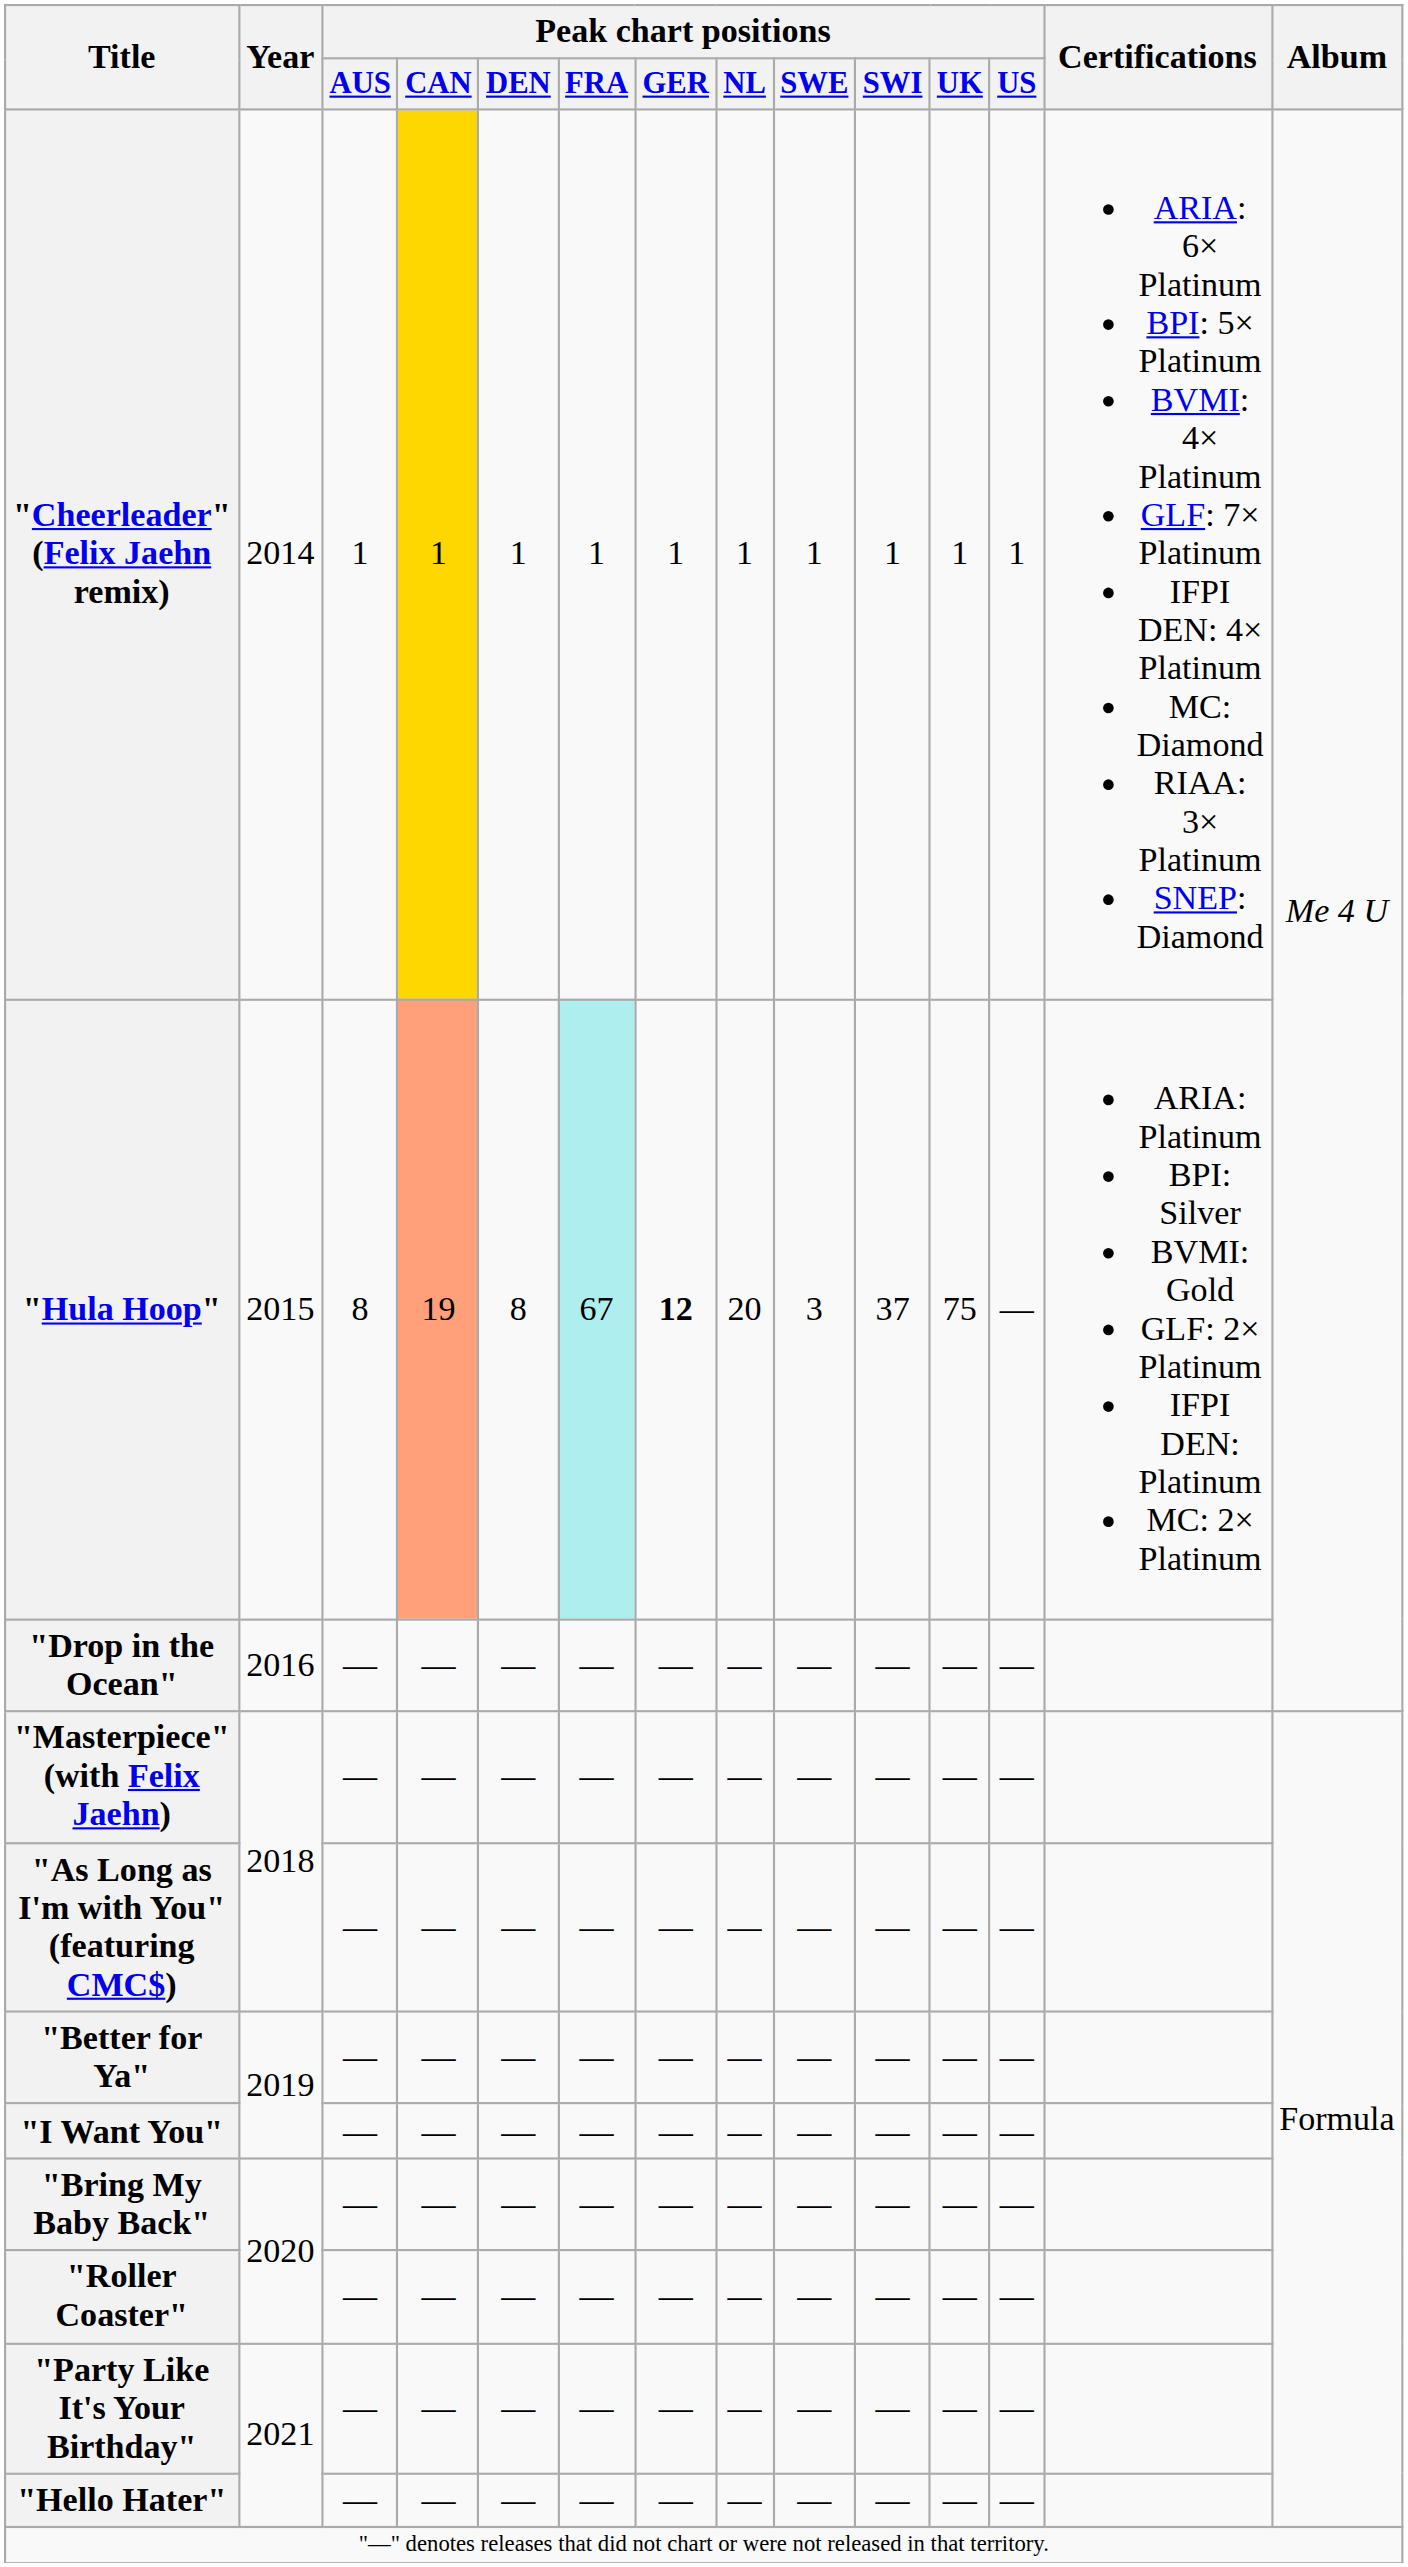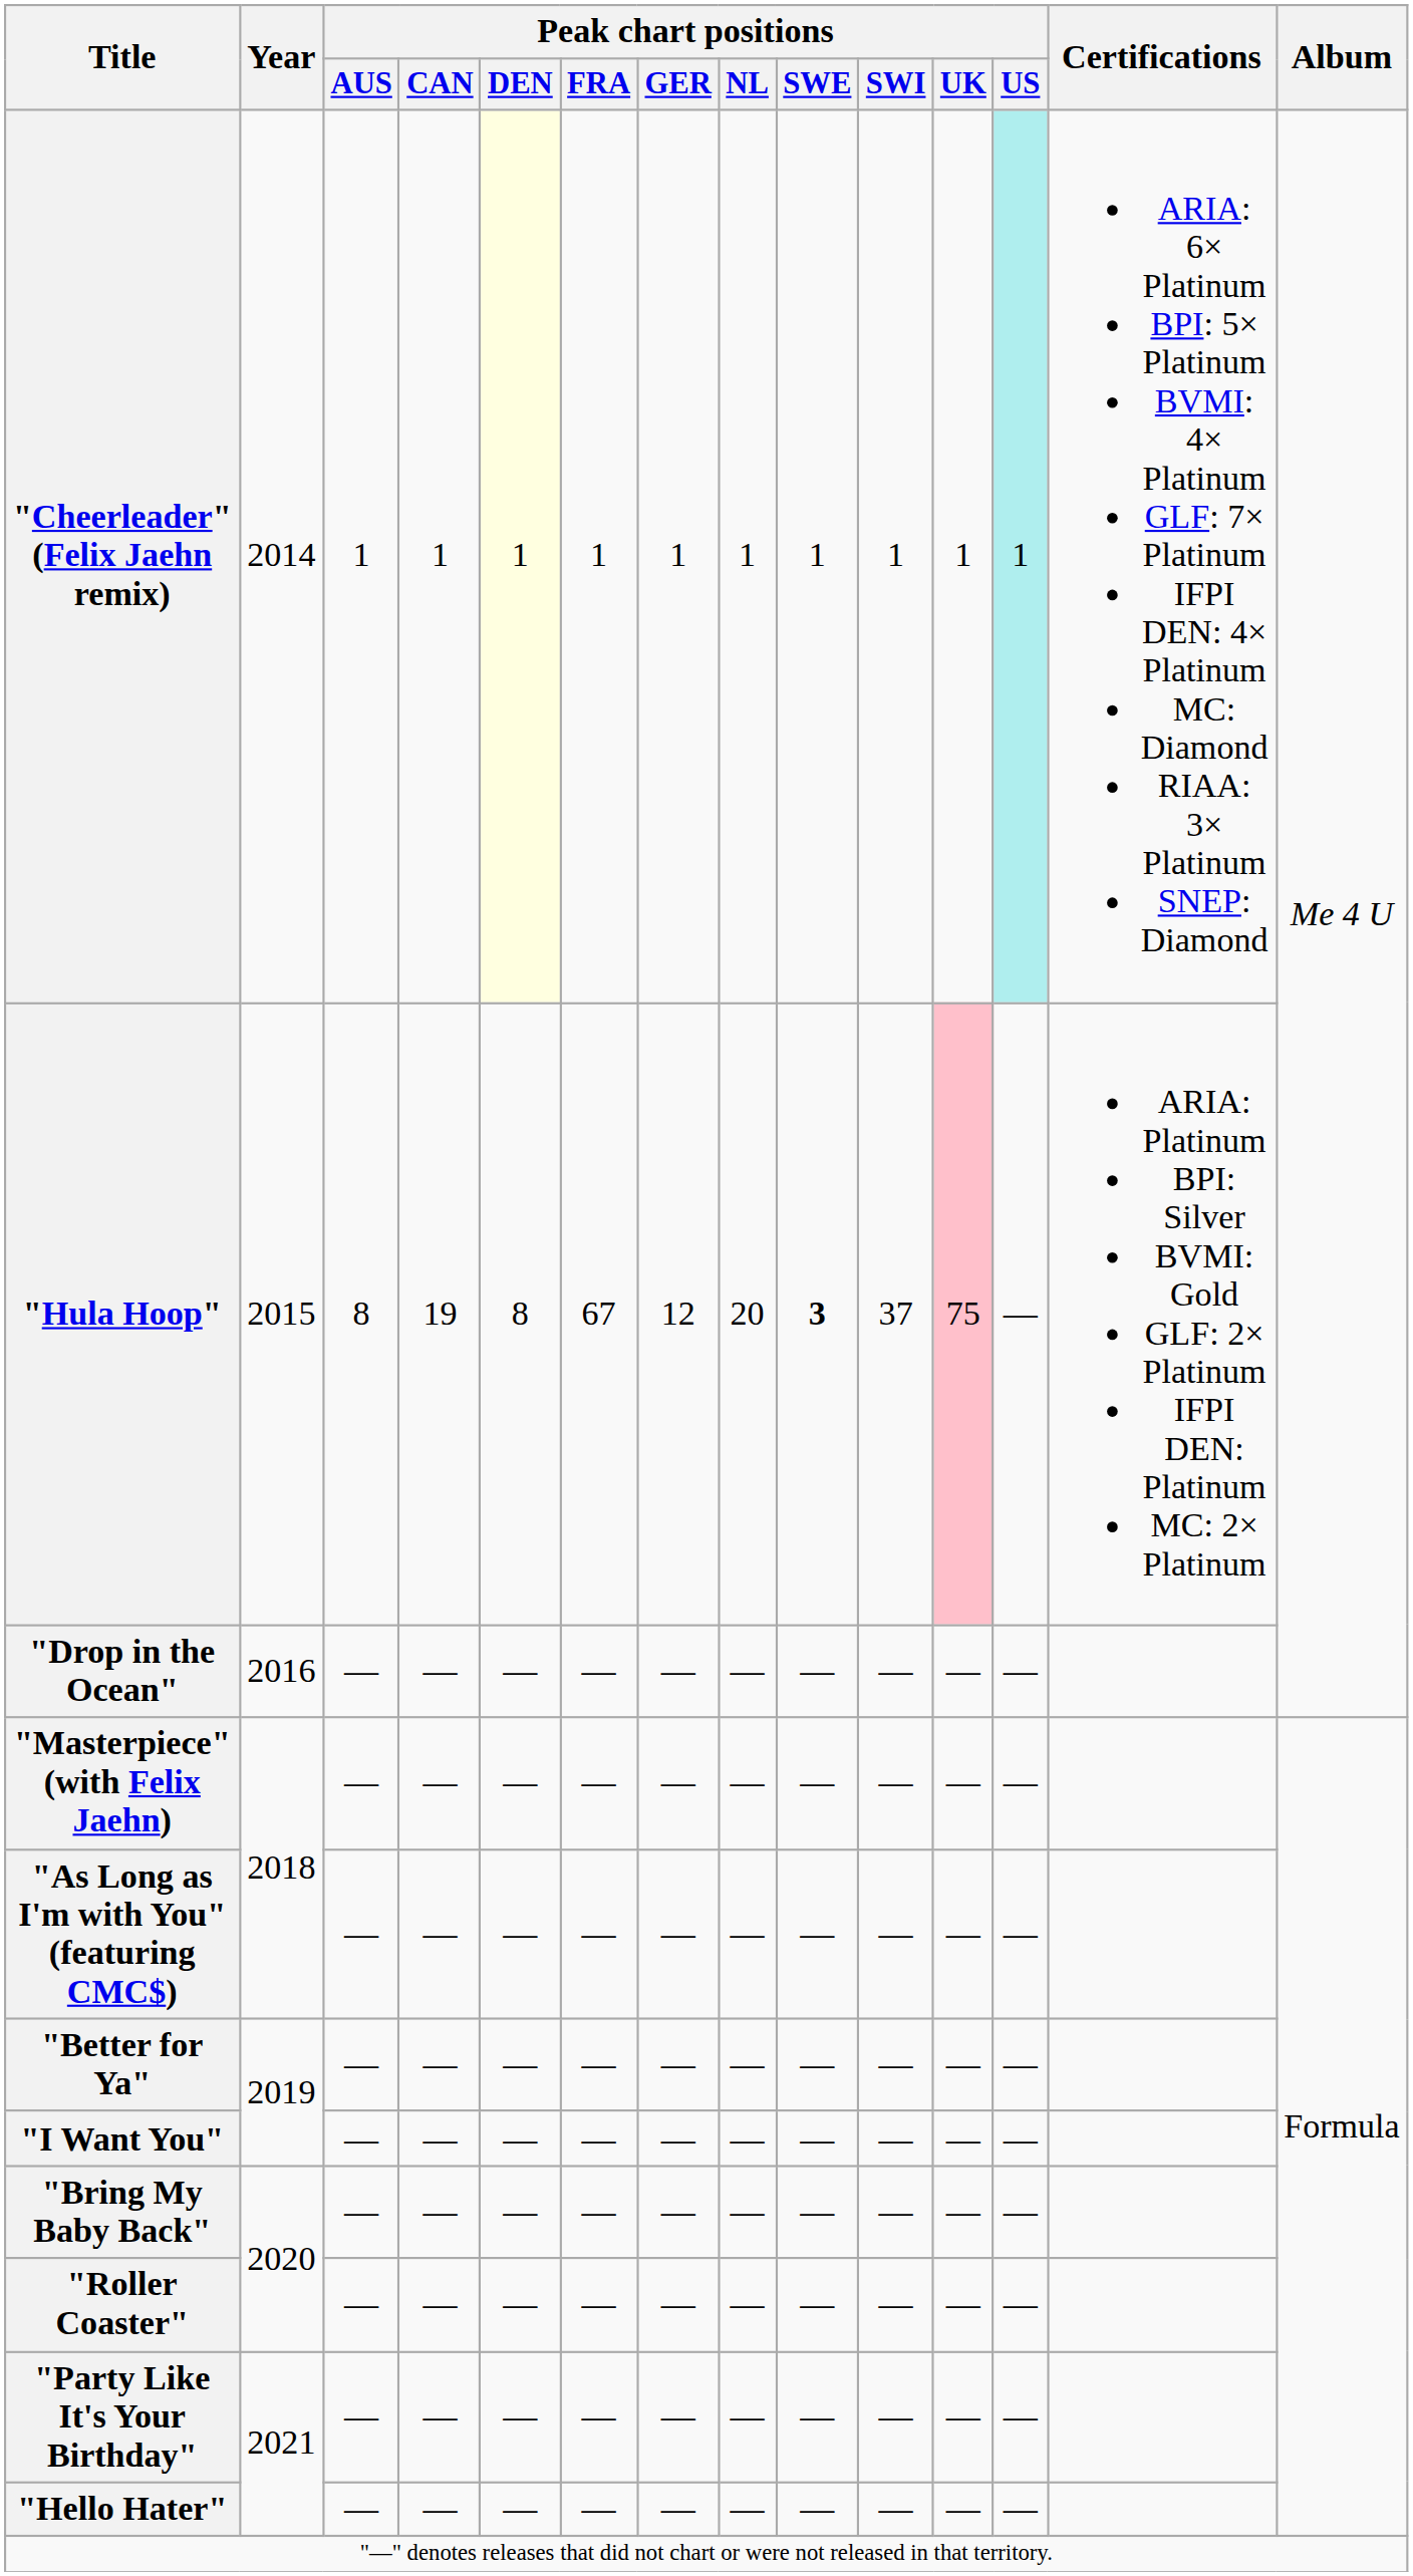 <table class="wikitable plainrowheaders" style="text-align:center;" border="1">
 <tr>
 <th scope="col" rowspan="2" style="width:14em;">Title</th>
 <th scope="col" rowspan="2">Year</th>
 <th scope="col" colspan="10">Peak chart positions</th>
 <th scope="col" rowspan="2">Certifications</th>
 <th scope="col" rowspan="2">Album</th>
 </tr>
 <tr>
 <th scope="col" style="width:3em;font-size:90%;"><a href='#'>AUS</a><br></th>
 <th scope="col" style="width:3em;font-size:90%;"><a href='#'>CAN</a><br></th>
 <th scope="col" style="width:3em;font-size:90%;"><a href='#'>DEN</a><br></th>
 <th scope="col" style="width:3em;font-size:90%;"><a href='#'>FRA</a><br></th>
 <th scope="col" style="width:3em;font-size:90%;"><a href='#'>GER</a><br></th>
 <th scope="col" style="width:3em;font-size:90%;"><a href='#'>NL</a><br></th>
 <th scope="col" style="width:3em;font-size:90%;"><a href='#'>SWE</a><br></th>
 <th scope="col" style="width:3em;font-size:90%;"><a href='#'>SWI</a><br></th>
 <th scope="col" style="width:3em;font-size:90%;"><a href='#'>UK</a><br></th>
 <th scope="col" style="width:3em;font-size:90%;"><a href='#'>US</a><br></th>
 </tr>
 <tr>
 <th scope="row">"<a href='#'>Cheerleader</a>"<br><span>(<a href='#'>Felix Jaehn</a> remix)</span></th>
 <td>2014</td>
 <td>1</td>
-<td style="background: gold;">1</td>
+<td>1</td>
+<td style="background: lightyellow;">1</td>
 <td>1</td>
 <td>1</td>
 <td>1</td>
 <td>1</td>
 <td>1</td>
 <td>1</td>
-<td>1</td>
-<td>1</td>
+<td style="background: paleturquoise;">1</td>
 <td><br><ul><li><a href='#'>ARIA</a>: 6× Platinum</li><li><a href='#'>BPI</a>: 5× Platinum</li><li><a href='#'>BVMI</a>: 4× Platinum</li><li><a href='#'>GLF</a>: 7× Platinum</li><li>IFPI DEN: 4× Platinum</li><li>MC: Diamond</li><li>RIAA: 3× Platinum</li><li><a href='#'>SNEP</a>: Diamond</li></ul></td>
 <td rowspan=3><em>Me 4 U</em></td>
 </tr>
 <tr>
 <th scope="row">"<a href='#'>Hula Hoop</a>"</th>
 <td>2015</td>
 <td>8</td>
-<td style="background: lightsalmon;">19</td>
+<td>19</td>
 <td>8</td>
-<td style="background: paleturquoise;">67</td>
-<td><strong>12</strong></td>
+<td>67</td>
+<td>12</td>
 <td>20</td>
-<td>3</td>
+<td><strong>3</strong></td>
 <td>37</td>
-<td>75</td>
+<td style="background: pink;">75</td>
 <td>—</td>
 <td><br><ul><li>ARIA: Platinum</li><li>BPI: Silver</li><li>BVMI: Gold</li><li>GLF: 2× Platinum</li><li>IFPI DEN: Platinum</li><li>MC: 2× Platinum</li></ul></td>
 </tr>
 <tr>
 <th scope="row">"Drop in the Ocean"<br></th>
 <td>2016</td>
 <td>—</td>
 <td>—</td>
 <td>—</td>
 <td>—</td>
 <td>—</td>
 <td>—</td>
 <td>—</td>
 <td>—</td>
 <td>—</td>
 <td>—</td>
 <td></td>
 </tr>
 <tr>
 <th scope="row">"Masterpiece"<br><span>(with <a href='#'>Felix Jaehn</a>)</span></th>
 <td rowspan=2>2018</td>
 <td>—</td>
 <td>—</td>
 <td>—</td>
 <td>—</td>
 <td>—</td>
 <td>—</td>
 <td>—</td>
 <td>—</td>
 <td>—</td>
 <td>—</td>
 <td></td>
 <td rowspan="8">Formula</td>
 </tr>
 <tr>
 <th scope="row">"As Long as I'm with You"<br><span>(featuring <a href='#'>CMC$</a>)</span></th>
 <td>—</td>
 <td>—</td>
 <td>—</td>
 <td>—</td>
 <td>—</td>
 <td>—</td>
 <td>—</td>
 <td>—</td>
 <td>—</td>
 <td>—</td>
 <td></td>
 </tr>
 <tr>
 <th scope="row">"Better for Ya"</th>
 <td rowspan="2">2019</td>
 <td>—</td>
 <td>—</td>
 <td>—</td>
 <td>—</td>
 <td>—</td>
 <td>—</td>
 <td>—</td>
 <td>—</td>
 <td>—</td>
 <td>—</td>
 <td></td>
 </tr>
 <tr>
 <th scope="row">"I Want You"</th>
 <td>—</td>
 <td>—</td>
 <td>—</td>
 <td>—</td>
 <td>—</td>
 <td>—</td>
 <td>—</td>
 <td>—</td>
 <td>—</td>
 <td>—</td>
 <td></td>
 </tr>
 <tr>
 <th scope="row">"Bring My Baby Back"</th>
 <td rowspan="2">2020</td>
 <td>—</td>
 <td>—</td>
 <td>—</td>
 <td>—</td>
 <td>—</td>
 <td>—</td>
 <td>—</td>
 <td>—</td>
 <td>—</td>
 <td>—</td>
 <td></td>
 </tr>
 <tr>
 <th scope="row">"Roller Coaster"</th>
 <td>—</td>
 <td>—</td>
 <td>—</td>
 <td>—</td>
 <td>—</td>
 <td>—</td>
 <td>—</td>
 <td>—</td>
 <td>—</td>
 <td>—</td>
 <td></td>
 </tr>
 <tr>
 <th scope="row">"Party Like It's Your Birthday"<br></th>
 <td rowspan="2">2021</td>
 <td>—</td>
 <td>—</td>
 <td>—</td>
 <td>—</td>
 <td>—</td>
 <td>—</td>
 <td>—</td>
 <td>—</td>
 <td>—</td>
 <td>—</td>
 <td></td>
 </tr>
 <tr>
 <th scope="row">"Hello Hater"<br></th>
 <td>—</td>
 <td>—</td>
 <td>—</td>
 <td>—</td>
 <td>—</td>
 <td>—</td>
 <td>—</td>
 <td>—</td>
 <td>—</td>
 <td>—</td>
 <td></td>
 </tr>
 <tr>
 <td colspan="14" style="text-align:center; font-size:8pt;">"—" denotes releases that did not chart or were not released in that territory.</td>
 </tr>
 </table>
